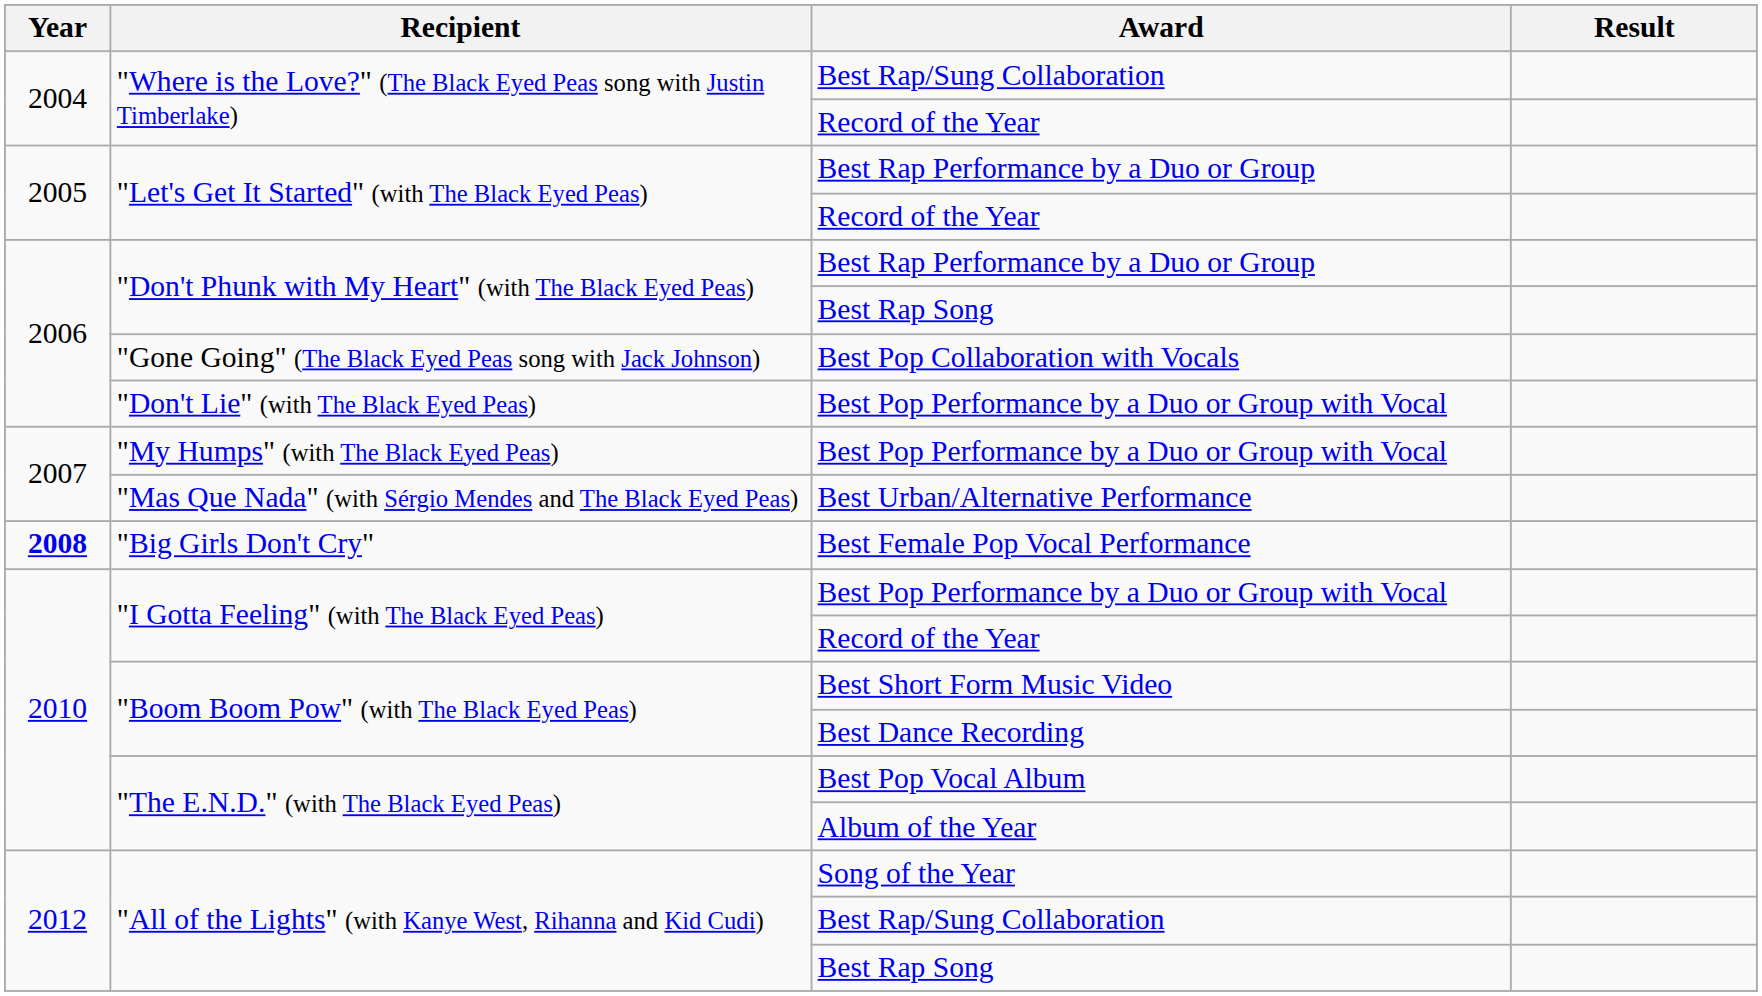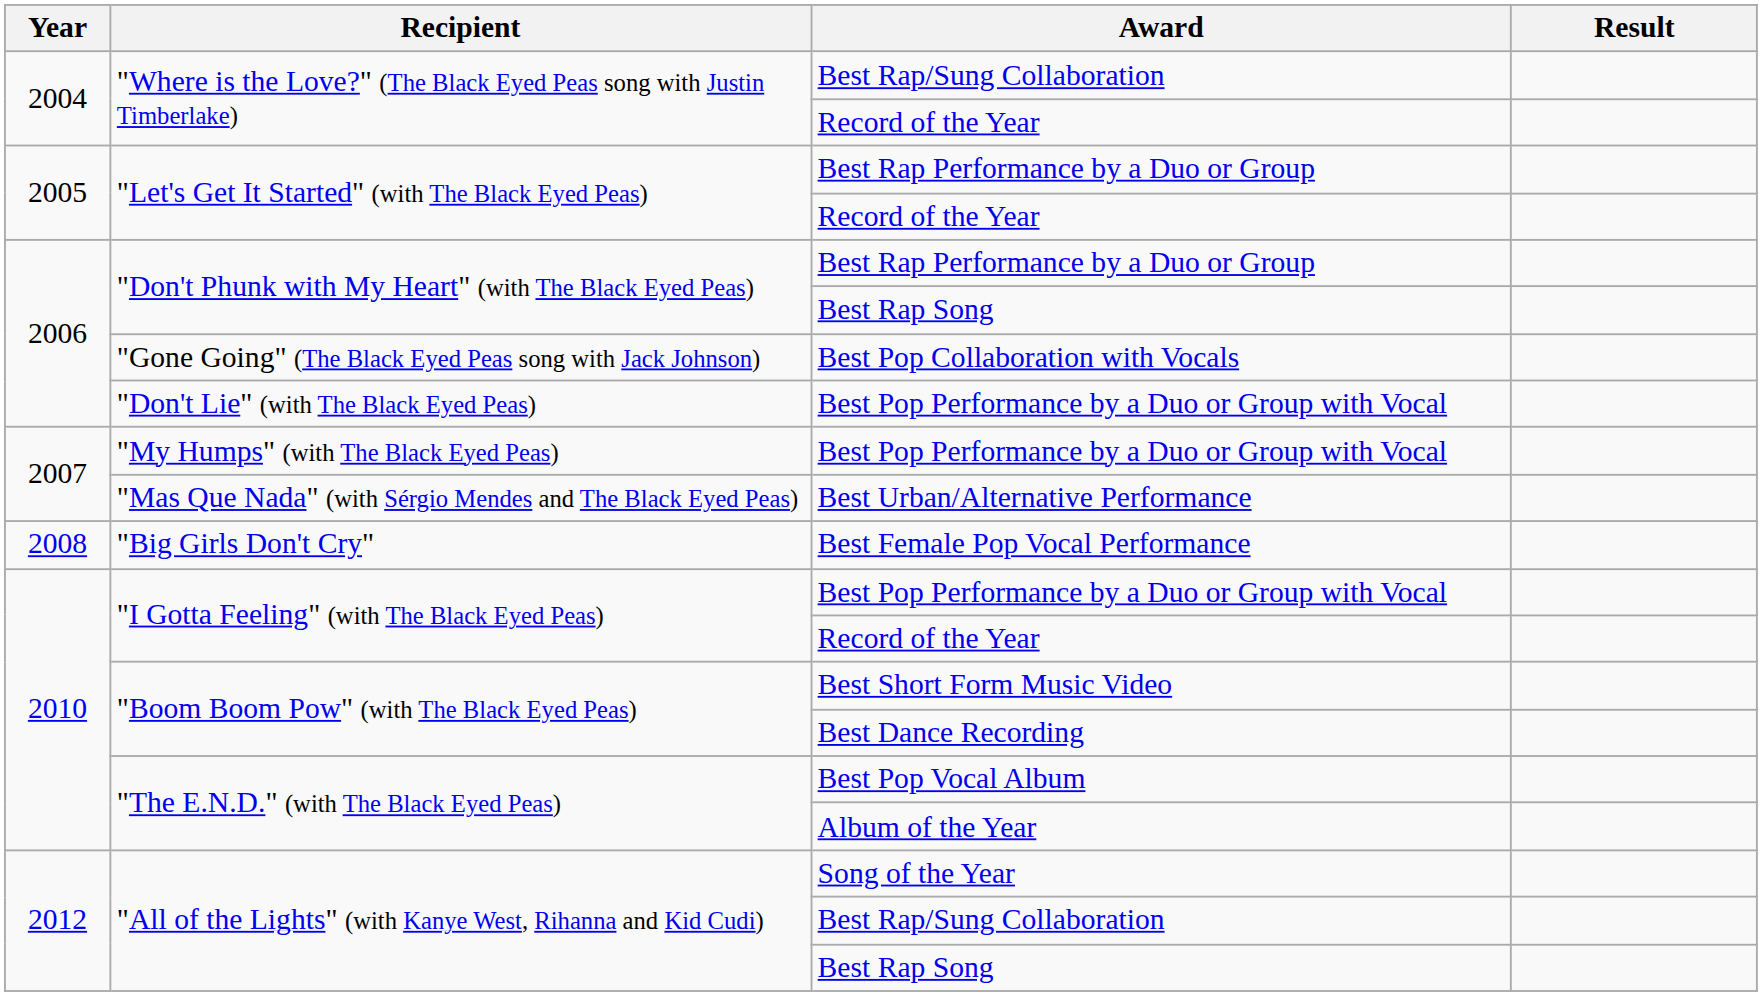 <table style="width: 75%;" class="wikitable">
 <tr>
 <th style="width:6%;">Year</th>
 <th style="width:40%;">Recipient</th>
 <th style="width:40%;">Award</th>
 <th style="width:14%;">Result</th>
 </tr>
 <tr>
 <td rowspan=2 style=text-align:center>2004</td>
 <td rowspan=2 style=text-align:left>"<a href='#'>Where is the Love?</a>" <small>(<a href='#'>The Black Eyed Peas</a> song with <a href='#'>Justin Timberlake</a>)</small></td>
 <td><a href='#'>Best Rap/Sung Collaboration</a></td>
 <td></td>
 </tr>
 <tr>
 <td><a href='#'>Record of the Year</a></td>
 <td></td>
 </tr>
 <tr>
 <td rowspan=2 style=text-align:center;>2005</td>
 <td rowspan=2 style=text-align:left>"<a href='#'>Let's Get It Started</a>" <small>(with <a href='#'>The Black Eyed Peas</a>)</small></td>
 <td><a href='#'>Best Rap Performance by a Duo or Group</a></td>
 <td></td>
 </tr>
 <tr>
 <td rowspan=1><a href='#'>Record of the Year</a></td>
 <td></td>
 </tr>
 <tr>
 <td rowspan="4" style="text-align:center;">2006</td>
 <td rowspan="2" style="text-align:left;">"<a href='#'>Don't Phunk with My Heart</a>" <small>(with <a href='#'>The Black Eyed Peas</a>)</small></td>
 <td><a href='#'>Best Rap Performance by a Duo or Group</a></td>
 <td></td>
 </tr>
 <tr>
 <td><a href='#'>Best Rap Song</a></td>
 <td></td>
 </tr>
 <tr>
 <td>"Gone Going" <small>(<a href='#'>The Black Eyed Peas</a> song with <a href='#'>Jack Johnson</a>)</small></td>
 <td><a href='#'>Best Pop Collaboration with Vocals</a></td>
 <td></td>
 </tr>
 <tr>
 <td>"<a href='#'>Don't Lie</a>" <small>(with <a href='#'>The Black Eyed Peas</a>)</small></td>
 <td><a href='#'>Best Pop Performance by a Duo or Group with Vocal</a></td>
 <td></td>
 </tr>
 <tr>
 <td rowspan="2" style="text-align:center;">2007</td>
 <td style=text-align:left;>"<a href='#'>My Humps</a>" <small>(with <a href='#'>The Black Eyed Peas</a>)</small></td>
 <td><a href='#'>Best Pop Performance by a Duo or Group with Vocal</a></td>
 <td></td>
 </tr>
 <tr>
 <td>"<a href='#'>Mas Que Nada</a>" <small>(with <a href='#'>Sérgio Mendes</a> and <a href='#'>The Black Eyed Peas</a>)</small></td>
 <td><a href='#'>Best Urban/Alternative Performance</a></td>
 <td></td>
 </tr>
 <tr>
-<td style="text-align:center;"><strong><a href='#'>2008</a></strong></td>
+<td style="text-align:center;"><a href='#'>2008</a></td>
 <td style="text-align:left;">"<a href='#'>Big Girls Don't Cry</a>"</td>
 <td><a href='#'>Best Female Pop Vocal Performance</a></td>
 <td></td>
 </tr>
 <tr>
 <td style="text-align:center;" rowspan="6" style="text-align:center;"><a href='#'>2010</a></td>
 <td rowspan="2" style="text-align:left;">"<a href='#'>I Gotta Feeling</a>" <small>(with <a href='#'>The Black Eyed Peas</a>)</small></td>
 <td><a href='#'>Best Pop Performance by a Duo or Group with Vocal</a></td>
 <td></td>
 </tr>
 <tr>
 <td><a href='#'>Record of the Year</a></td>
 <td></td>
 </tr>
 <tr>
 <td rowspan="2" style="text-align:left;">"<a href='#'>Boom Boom Pow</a>" <small>(with <a href='#'>The Black Eyed Peas</a>)</small></td>
 <td rowspan="1"><a href='#'>Best Short Form Music Video</a></td>
 <td></td>
 </tr>
 <tr>
 <td><a href='#'>Best Dance Recording</a></td>
 <td></td>
 </tr>
 <tr>
 <td rowspan=2>"<a href='#'>The E.N.D.</a>" <small>(with <a href='#'>The Black Eyed Peas</a>)</small></td>
 <td><a href='#'>Best Pop Vocal Album</a></td>
 <td></td>
 </tr>
 <tr>
 <td><a href='#'>Album of the Year</a></td>
 <td></td>
 </tr>
 <tr>
 <td rowspan="5" style=text-align:center><a href='#'>2012</a></td>
 <td rowspan="5">"<a href='#'>All of the Lights</a>" <small>(with <a href='#'>Kanye West</a>, <a href='#'>Rihanna</a> and <a href='#'>Kid Cudi</a>)</small></td>
 <td><a href='#'>Song of the Year</a></td>
 <td></td>
 </tr>
 <tr>
 <td><a href='#'>Best Rap/Sung Collaboration</a></td>
 <td></td>
 </tr>
 <tr>
 <td><a href='#'>Best Rap Song</a></td>
 <td></td>
 </tr>
 </table>
